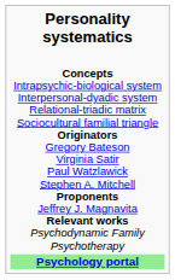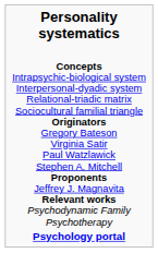 <table class="infobox" style="text-align:center; width:200px;">
 <tr>
 <td colspan="2"><big><strong>Personality systematics</strong></big></td>
 </tr>
 <tr>
 </tr>
 <tr>
 <td></td>
 </tr>
 <tr>
 <td style="font-size:85%"><br><strong>Concepts</strong><br> <a href='#'>Intrapsychic-biological system</a><br> <a href='#'>Interpersonal-dyadic system</a> <br> <a href='#'>Relational-triadic matrix</a> <br> <a href='#'>Sociocultural familial triangle</a><br><strong>Originators</strong> <br> <a href='#'>Gregory Bateson</a> <br> <a href='#'>Virginia Satir</a> <br> <a href='#'>Paul Watzlawick</a> <br> <a href='#'>Stephen A. Mitchell</a> <br> <strong>Proponents</strong><br> <a href='#'>Jeffrey J. Magnavita</a><br><strong>Relevant works</strong><br> <em>Psychodynamic Family Psychotherapy</em><br></td>
 </tr>
 <tr>
-<td style="background: lightgreen; font-size:90%"><strong><a href='#'>Psychology portal</a></strong></td>
+<td style="font-size:90%"><strong><a href='#'>Psychology portal</a></strong></td>
 </tr>
 </table>
